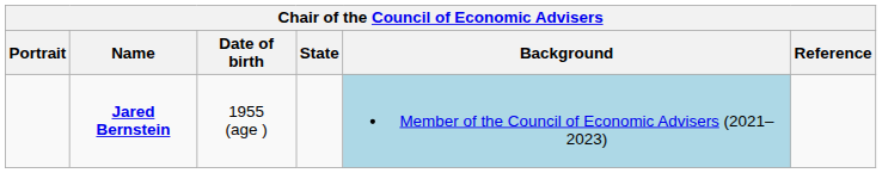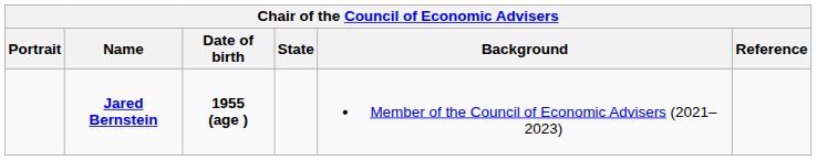 <table class="wikitable collapsible" style="text-align:center;">
 <tr>
 <th colspan="6">Chair of the <a href='#'>Council of Economic Advisers</a></th>
 </tr>
 <tr>
 <th>Portrait</th>
 <th>Name</th>
 <th>Date of birth</th>
 <th>State</th>
 <th>Background</th>
 <th>Reference</th>
 </tr>
 <tr>
 <td></td>
 <td><strong><a href='#'>Jared Bernstein</a></strong></td>
-<td>1955<br>(age )</td>
+<td><strong>1955<br>(age )</strong></td>
 <td></td>
-<td style="background: lightblue;"><br><ul><li><a href='#'>Member of the Council of Economic Advisers</a> (2021–2023)</li></ul></td>
+<td><br><ul><li><a href='#'>Member of the Council of Economic Advisers</a> (2021–2023)</li></ul></td>
 <td></td>
 </tr>
 </table>
